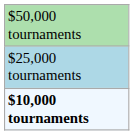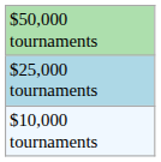 <table class="wikitable" style="font-size:85%;" width=13%>
 <tr bgcolor="#ADDFAD">
 <td>$50,000 tournaments</td>
 </tr>
 <tr bgcolor=lightblue>
 <td>$25,000 tournaments</td>
 </tr>
 <tr bgcolor="#f0f8ff">
-<td><strong>$10,000 tournaments</strong></td>
+<td>$10,000 tournaments</td>
 </tr>
 </table>
